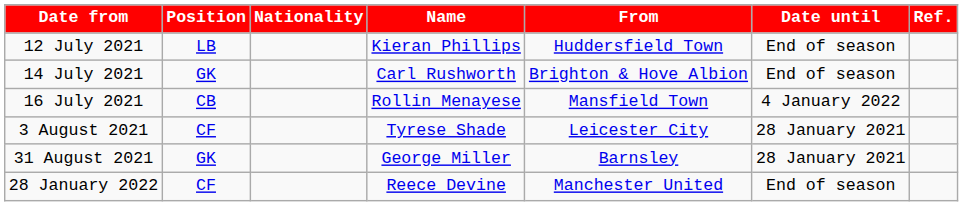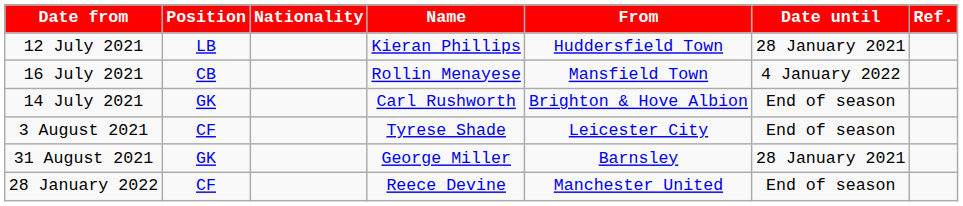 <table class="wikitable"  style="text-align:center; font-size:90%; ">
 <tr>
 <th style="background:red;color:white;">Date from</th>
 <th style="background:red;color:white;">Position</th>
 <th style="background:red;color:white;">Nationality</th>
 <th style="background:red;color:white;">Name</th>
 <th style="background:red;color:white;">From</th>
 <th style="background:red;color:white;">Date until</th>
 <th style="background:red;color:white;">Ref.</th>
 </tr>
 <tr>
 <td>12 July 2021</td>
 <td><a href='#'>LB</a></td>
 <td></td>
 <td><a href='#'>Kieran Phillips</a></td>
 <td> <a href='#'>Huddersfield Town</a></td>
-<td>End of season</td>
+<td>28 January 2021</td>
+<td></td>
+</tr>
+<tr>
+<td>16 July 2021</td>
+<td><a href='#'>CB</a></td>
+<td></td>
+<td><a href='#'>Rollin Menayese</a></td>
+<td> <a href='#'>Mansfield Town</a></td>
+<td>4 January 2022</td>
 <td></td>
 </tr>
 <tr>
 <td>14 July 2021</td>
 <td><a href='#'>GK</a></td>
 <td></td>
 <td><a href='#'>Carl Rushworth</a></td>
 <td> <a href='#'>Brighton & Hove Albion</a></td>
 <td>End of season</td>
 <td></td>
 </tr>
 <tr>
-<td>16 July 2021</td>
-<td><a href='#'>CB</a></td>
-<td></td>
-<td><a href='#'>Rollin Menayese</a></td>
-<td> <a href='#'>Mansfield Town</a></td>
-<td>4 January 2022</td>
-<td></td>
-</tr>
-<tr>
 <td>3 August 2021</td>
 <td><a href='#'>CF</a></td>
 <td></td>
 <td><a href='#'>Tyrese Shade</a></td>
 <td> <a href='#'>Leicester City</a></td>
-<td>28 January 2021</td>
+<td>End of season</td>
 <td></td>
 </tr>
 <tr>
 <td>31 August 2021</td>
 <td><a href='#'>GK</a></td>
 <td></td>
 <td><a href='#'>George Miller</a></td>
 <td> <a href='#'>Barnsley</a></td>
 <td>28 January 2021</td>
 <td></td>
 </tr>
 <tr>
 <td>28 January 2022</td>
 <td><a href='#'>CF</a></td>
 <td></td>
 <td><a href='#'>Reece Devine</a></td>
 <td> <a href='#'>Manchester United</a></td>
 <td>End of season</td>
 <td></td>
 </tr>
 </table>
